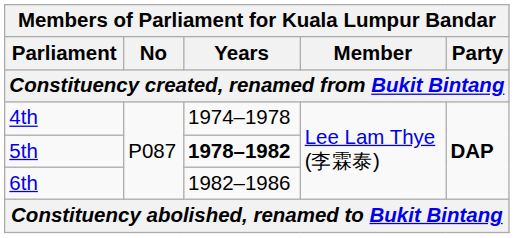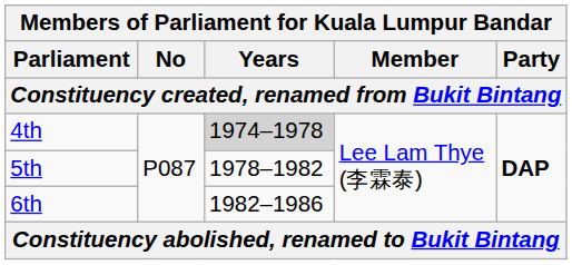 <table class=wikitable>
 <tr>
 <th colspan="5">Members of Parliament for Kuala Lumpur Bandar</th>
 </tr>
 <tr>
 <th>Parliament</th>
 <th>No</th>
 <th>Years</th>
 <th>Member</th>
 <th>Party</th>
 </tr>
 <tr>
 <th colspan="5" align="center"><em>Constituency created, renamed from <a href='#'>Bukit Bintang</a></em></th>
 </tr>
 <tr>
 <td><a href='#'>4th</a></td>
 <td rowspan="3">P087</td>
-<td>1974–1978</td>
+<td style="background: lightgrey;">1974–1978</td>
 <td rowspan=3><a href='#'>Lee Lam Thye</a> <br> (李霖泰)</td>
 <td rowspan="3"><strong>DAP</strong></td>
 </tr>
 <tr>
 <td><a href='#'>5th</a></td>
-<td><strong>1978–1982</strong></td>
+<td>1978–1982</td>
 </tr>
 <tr>
 <td><a href='#'>6th</a></td>
 <td>1982–1986</td>
 </tr>
 <tr>
 <th colspan="5" align="center"><em>Constituency abolished, renamed to <a href='#'>Bukit Bintang</a></em></th>
 </tr>
 </table>
